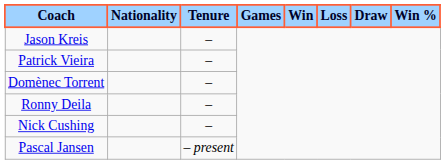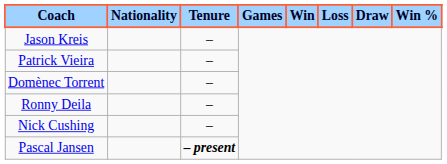 <table class="wikitable" style="text-align:center">
 <tr>
 <th style="background:#9fd2ff; color:#000229; border:2px solid #FF5E36;">Coach</th>
 <th style="background:#9fd2ff; color:#000229; border:2px solid #FF5E36;">Nationality</th>
 <th style="background:#9fd2ff; color:#000229; border:2px solid #FF5E36;">Tenure</th>
 <th style="background:#9fd2ff; color:#000229; border:2px solid #FF5E36;">Games</th>
 <th style="background:#9fd2ff; color:#000229; border:2px solid #FF5E36;"><strong>Win</strong></th>
 <th style="background:#9fd2ff; color:#000229; border:2px solid #FF5E36;">Loss</th>
 <th style="background:#9fd2ff; color:#000229; border:2px solid #FF5E36;">Draw</th>
 <th style="background:#9fd2ff; color:#000229; border:2px solid #FF5E36;">Win %</th>
 </tr>
 <tr>
 <td><a href='#'>Jason Kreis</a></td>
 <td></td>
 <td> – <br></td>
 </tr>
 <tr>
 <td><a href='#'>Patrick Vieira</a></td>
 <td></td>
 <td> – <br></td>
 </tr>
 <tr>
 <td><a href='#'>Domènec Torrent</a></td>
 <td></td>
 <td> – <br></td>
 </tr>
 <tr>
 <td><a href='#'>Ronny Deila</a></td>
 <td></td>
 <td> – <br></td>
 </tr>
 <tr>
 <td><a href='#'>Nick Cushing</a></td>
 <td></td>
 <td> – <br></td>
 </tr>
 <tr>
 <td><a href='#'>Pascal Jansen</a></td>
 <td></td>
-<td> – <em>present</em><br></td>
+<td><strong> – <em>present</em><br></strong></td>
 </tr>
 </table>
